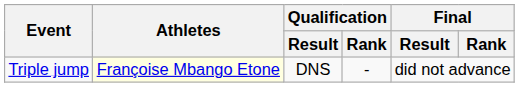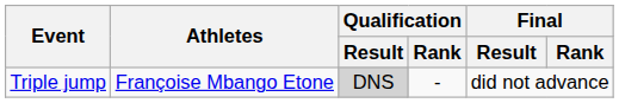 <table class="wikitable" border="1" style="font-size:90%">
 <tr>
 <th rowspan="2">Event</th>
 <th rowspan="2">Athletes</th>
 <th colspan="2">Qualification</th>
 <th colspan="2">Final</th>
 </tr>
 <tr>
 <th>Result</th>
 <th>Rank</th>
 <th>Result</th>
 <th>Rank</th>
 </tr>
 <tr>
 <td><a href='#'>Triple jump</a></td>
-<td style="background: lightyellow;"><a href='#'>Françoise Mbango Etone</a></td>
-<td align=center>DNS</td>
+<td><a href='#'>Françoise Mbango Etone</a></td>
+<td align=center style="background: lightgrey;">DNS</td>
 <td align=center>-</td>
 <td align=center colspan="2">did not advance</td>
 </tr>
 </table>
